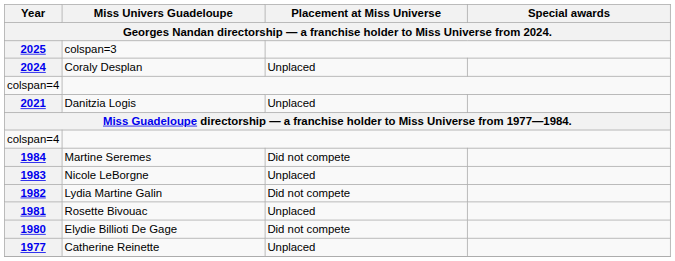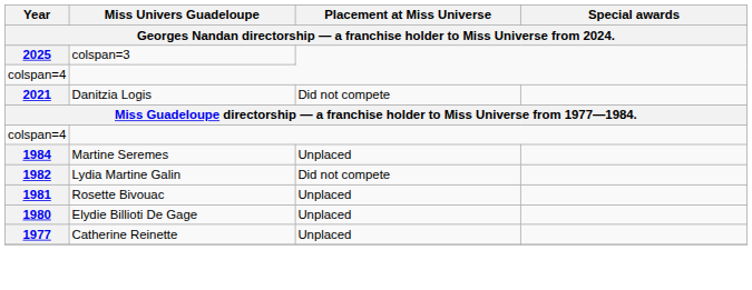 <table class="wikitable " style="font-size: 90%;">
 <tr>
 <th width="60">Year</th>
 <th width="250">Miss Univers Guadeloupe</th>
 <th width="250">Placement at Miss Universe</th>
 <th width="250">Special awards</th>
 </tr>
 <tr>
 <th colspan="4">Georges Nandan directorship — a franchise holder to Miss Universe from 2024.</th>
 </tr>
 <tr>
 <th><a href='#'>2025</a></th>
 <td>colspan=3 </td>
 </tr>
 <tr>
-<th><a href='#'>2024</a></th>
-<td>Coraly Desplan</td>
-<td>Unplaced</td>
-<td></td>
-</tr>
-<tr>
 <td>colspan=4 </td>
 </tr>
 <tr>
 <th><a href='#'>2021</a></th>
 <td>Danitzia Logis</td>
-<td>Unplaced</td>
+<td>Did not compete</td>
 <td></td>
 </tr>
 <tr>
 <th colspan="4"><a href='#'>Miss Guadeloupe</a> directorship — a franchise holder to Miss Universe from 1977—1984.</th>
 </tr>
 <tr>
 <td>colspan=4 </td>
 </tr>
 <tr>
 <th><a href='#'>1984</a></th>
 <td>Martine Seremes</td>
-<td>Did not compete</td>
-<td></td>
-</tr>
-<tr>
-<th><a href='#'>1983</a></th>
-<td>Nicole LeBorgne</td>
 <td>Unplaced</td>
 <td></td>
 </tr>
 <tr>
 <th><a href='#'>1982</a></th>
 <td>Lydia Martine Galin</td>
 <td>Did not compete</td>
 <td></td>
 </tr>
 <tr>
 <th><a href='#'>1981</a></th>
 <td>Rosette Bivouac</td>
 <td>Unplaced</td>
 <td></td>
 </tr>
 <tr>
 <th><a href='#'>1980</a></th>
 <td>Elydie Billioti De Gage</td>
-<td>Did not compete</td>
+<td>Unplaced</td>
 <td></td>
 </tr>
 <tr>
 <th><a href='#'>1977</a></th>
 <td>Catherine Reinette</td>
 <td>Unplaced</td>
 <td></td>
 </tr>
 <tr>
 </tr>
 </table>
